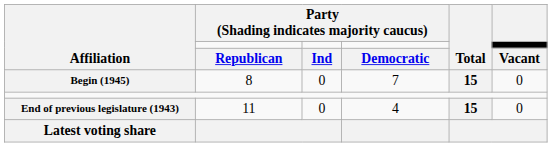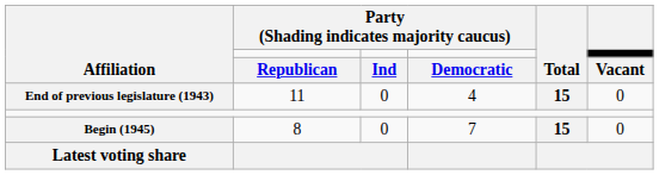 <table class=wikitable style="text-align:center; width:50%">
 <tr style="vertical-align:bottom;">
 <th rowspan=3>Affiliation</th>
 <th colspan=3>Party <div>(Shading indicates majority caucus)</div></th>
 <th rowspan=3>Total</th>
 <th></th>
 </tr>
 <tr style="height:5px">
 <td style="background-color:"></td>
 <td style="background-color:"></td>
 <td style="background-color:"></td>
 <td style="background-color:black"></td>
 </tr>
 <tr>
 <th><a href='#'>Republican</a></th>
 <th><a href='#'>Ind</a></th>
 <th><a href='#'>Democratic</a></th>
 <th>Vacant</th>
 </tr>
 <tr>
-<th nowrap style="font-size:80%">Begin (1945)</th>
-<td>8</td>
+<th nowrap style="font-size:80%">End of previous legislature (1943)</th>
+<td>11</td>
 <td>0</td>
-<td>7</td>
+<td>4</td>
 <th>15</th>
 <td>0</td>
 </tr>
 <tr>
 <td colspan=6></td>
 </tr>
 <tr>
-<th nowrap style="font-size:80%">End of previous legislature (1943)</th>
-<td>11</td>
+<th nowrap style="font-size:80%">Begin (1945)</th>
+<td>8</td>
 <td>0</td>
-<td>4</td>
+<td>7</td>
 <th>15</th>
 <td>0</td>
 </tr>
 <tr>
 <th>Latest voting share</th>
 <th colspan=2 ></th>
 <th></th>
 <th colspan=2></th>
 </tr>
 </table>
